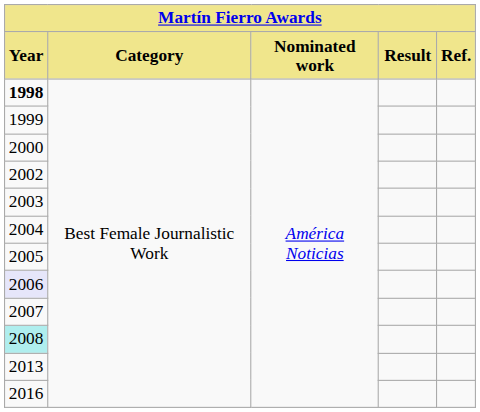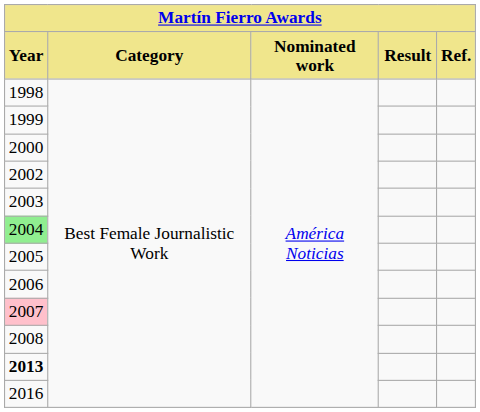 <table width="70%" class="wikitable">
 <tr>
 <th colspan=5 style="background:#F0E68C"><a href='#'>Martín Fierro Awards</a></th>
 </tr>
 <tr>
 <th width="33" style="background:#F0E68C">Year</th>
 <th width="300" style="background:#F0E68C">Category</th>
 <th width="150" style="background:#F0E68C">Nominated work</th>
 <th width="50" style="background:#F0E68C">Result</th>
 <th width="5" style="background:#F0E68C">Ref.</th>
 </tr>
 <tr>
-<td align="center"><strong>1998</strong></td>
+<td align="center">1998</td>
 <td rowspan=14 align="center">Best Female Journalistic Work</td>
 <td rowspan=14 align="center"><em><a href='#'>América Noticias</a></em></td>
 <td></td>
 <td align="center"></td>
 </tr>
 <tr>
 <td align="center">1999</td>
 <td></td>
 <td align="center"></td>
 </tr>
 <tr>
 <td align="center">2000</td>
 <td></td>
 <td align="center"></td>
 </tr>
 <tr>
 <td align="center">2002</td>
 <td></td>
 <td align="center"></td>
 </tr>
 <tr>
 <td align="center">2003</td>
 <td></td>
 <td align="center"></td>
 </tr>
 <tr>
-<td align="center">2004</td>
+<td align="center" style="background: lightgreen;">2004</td>
 <td></td>
 <td align="center"></td>
 </tr>
 <tr>
 <td align="center">2005</td>
 <td></td>
 <td align="center"></td>
 </tr>
 <tr>
-<td align="center" style="background: lavender;">2006</td>
+<td align="center">2006</td>
 <td></td>
 <td align="center"></td>
 </tr>
 <tr>
-<td align="center">2007</td>
+<td align="center" style="background: pink;">2007</td>
 <td></td>
 <td align="center"></td>
 </tr>
 <tr>
-<td align="center" style="background: paleturquoise;">2008</td>
+<td align="center">2008</td>
 <td></td>
 <td align="center"></td>
 </tr>
 <tr>
-<td align="center">2013</td>
+<td align="center"><strong>2013</strong></td>
 <td></td>
 <td align="center"></td>
 </tr>
 <tr>
 <td align="center">2016</td>
 <td></td>
 <td align="center"></td>
 </tr>
 </table>
